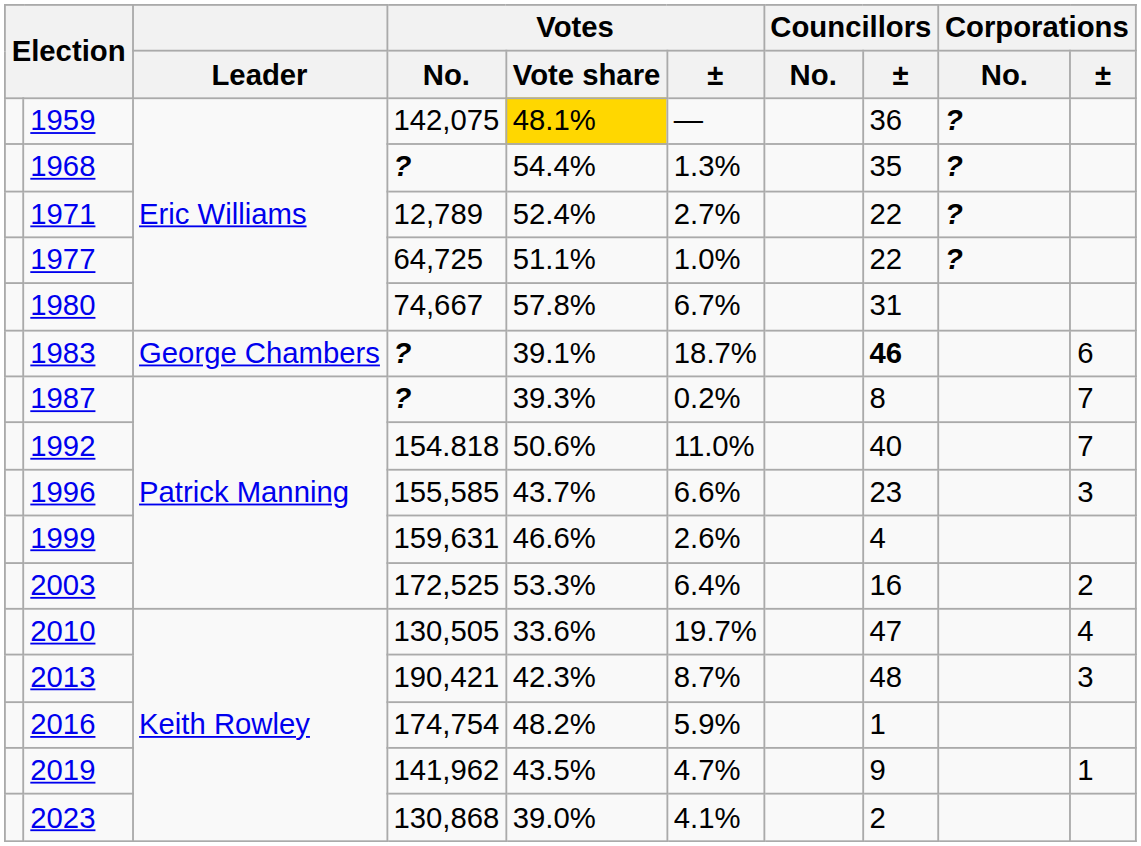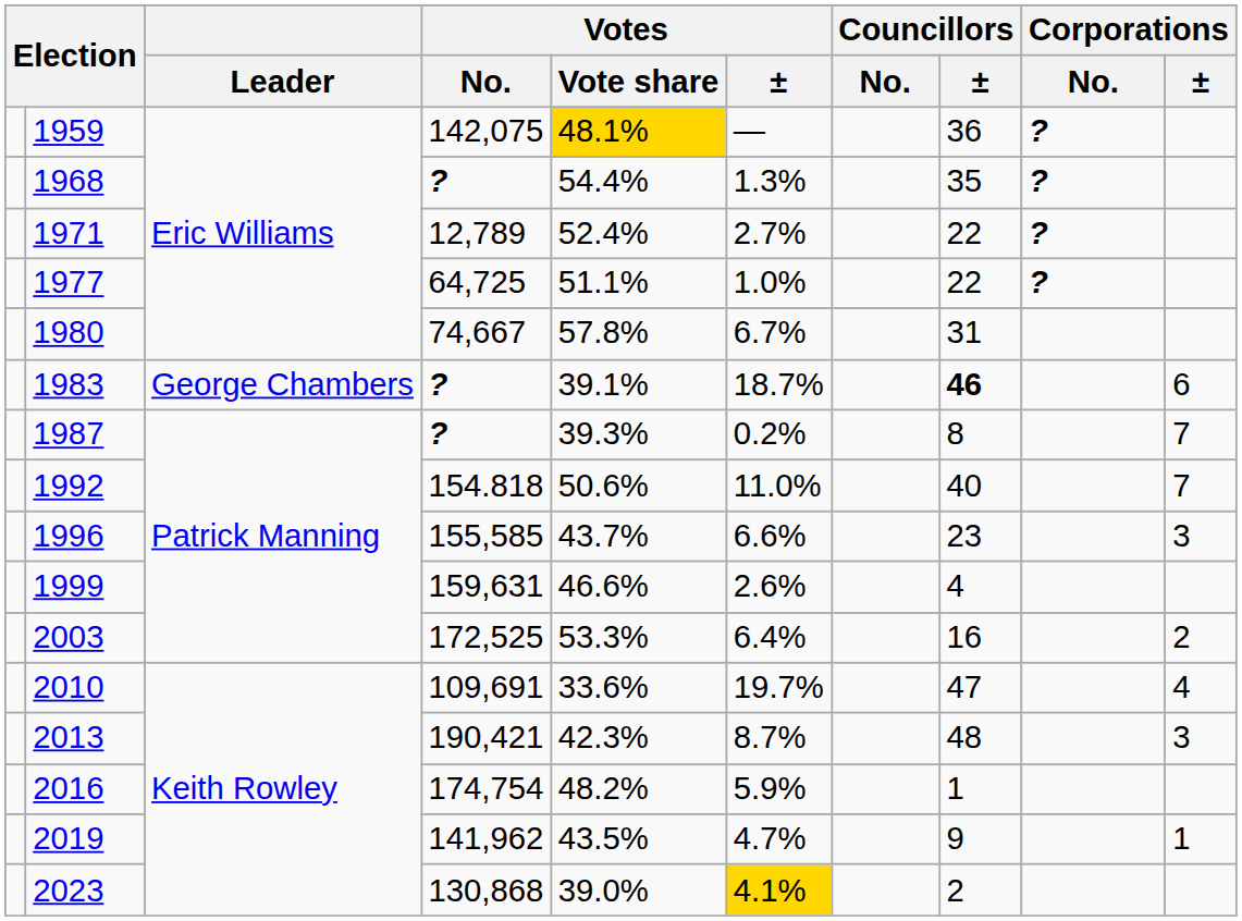 <table class="wikitable sortable" style="text-align: left">
 <tr>
 <th colspan="2" rowspan="2">Election</th>
 <th></th>
 <th colspan="3">Votes</th>
 <th colspan="2">Councillors</th>
 <th colspan="2">Corporations</th>
 </tr>
 <tr>
 <th>Leader</th>
 <th>No.</th>
 <th>Vote share</th>
 <th>±</th>
 <th>No.</th>
 <th>±</th>
 <th>No.</th>
 <th>±</th>
 </tr>
 <tr>
 <td></td>
 <td><a href='#'>1959</a></td>
 <td rowspan="5"><a href='#'>Eric Williams</a></td>
 <td>142,075</td>
 <td style="background: gold;">48.1%</td>
 <td>—</td>
 <td></td>
 <td> 36</td>
 <td><strong><em>?</em></strong></td>
 <td></td>
 </tr>
 <tr>
 <td></td>
 <td><a href='#'>1968</a></td>
 <td><strong><em>?</em></strong></td>
 <td>54.4%</td>
 <td> 1.3%</td>
 <td></td>
 <td> 35</td>
 <td><strong><em>?</em></strong></td>
 <td></td>
 </tr>
 <tr>
 <td></td>
 <td><a href='#'>1971</a></td>
 <td>12,789</td>
 <td>52.4%</td>
 <td> 2.7%</td>
 <td></td>
 <td> 22</td>
 <td><strong><em>?</em></strong></td>
 <td></td>
 </tr>
 <tr>
 <td></td>
 <td><a href='#'>1977</a></td>
 <td>64,725</td>
 <td>51.1%</td>
 <td> 1.0%</td>
 <td></td>
 <td> 22</td>
 <td><strong><em>?</em></strong></td>
 <td></td>
 </tr>
 <tr>
 <td></td>
 <td><a href='#'>1980</a></td>
 <td>74,667</td>
 <td>57.8%</td>
 <td> 6.7%</td>
 <td></td>
 <td> 31</td>
 <td></td>
 <td></td>
 </tr>
 <tr>
 <td></td>
 <td><a href='#'>1983</a></td>
 <td><a href='#'>George Chambers</a></td>
 <td><strong><em>?</em></strong></td>
 <td>39.1%</td>
 <td> 18.7%</td>
 <td></td>
 <td><strong> 46</strong></td>
 <td></td>
 <td>6</td>
 </tr>
 <tr>
 <td></td>
 <td><a href='#'>1987</a></td>
 <td rowspan="5"><a href='#'>Patrick Manning</a></td>
 <td><strong><em>?</em></strong></td>
 <td>39.3%</td>
 <td> 0.2%</td>
 <td></td>
 <td> 8</td>
 <td></td>
 <td>7</td>
 </tr>
 <tr>
 <td></td>
 <td><a href='#'>1992</a></td>
 <td>154.818</td>
 <td>50.6%</td>
 <td> 11.0%</td>
 <td></td>
 <td> 40</td>
 <td></td>
 <td>7</td>
 </tr>
 <tr>
 <td></td>
 <td><a href='#'>1996</a></td>
 <td>155,585</td>
 <td>43.7%</td>
 <td> 6.6%</td>
 <td></td>
 <td> 23</td>
 <td></td>
 <td>3</td>
 </tr>
 <tr>
 <td></td>
 <td><a href='#'>1999</a></td>
 <td>159,631</td>
 <td>46.6%</td>
 <td> 2.6%</td>
 <td></td>
 <td> 4</td>
 <td></td>
 <td></td>
 </tr>
 <tr>
 <td></td>
 <td><a href='#'>2003</a></td>
 <td>172,525</td>
 <td>53.3%</td>
 <td> 6.4%</td>
 <td></td>
 <td> 16</td>
 <td></td>
 <td>2</td>
 </tr>
 <tr>
 <td></td>
 <td><a href='#'>2010</a></td>
 <td rowspan="5"><a href='#'>Keith Rowley</a></td>
-<td>130,505</td>
+<td>109,691</td>
 <td>33.6%</td>
 <td> 19.7%</td>
 <td></td>
 <td> 47</td>
 <td></td>
 <td>4</td>
 </tr>
 <tr>
 <td></td>
 <td><a href='#'>2013</a></td>
 <td>190,421</td>
 <td>42.3%</td>
 <td> 8.7%</td>
 <td></td>
 <td> 48</td>
 <td></td>
 <td>3</td>
 </tr>
 <tr>
 <td></td>
 <td><a href='#'>2016</a></td>
 <td>174,754</td>
 <td>48.2%</td>
 <td> 5.9%</td>
 <td></td>
 <td> 1</td>
 <td></td>
 <td></td>
 </tr>
 <tr>
 <td></td>
 <td><a href='#'>2019</a></td>
 <td>141,962</td>
 <td>43.5%</td>
 <td> 4.7%</td>
 <td></td>
 <td> 9</td>
 <td></td>
 <td>1</td>
 </tr>
 <tr>
 <td></td>
 <td><a href='#'>2023</a></td>
 <td>130,868</td>
 <td>39.0%</td>
-<td> 4.1%</td>
+<td style="background: gold;"> 4.1%</td>
 <td></td>
 <td> 2</td>
 <td></td>
 <td></td>
 </tr>
 </table>
